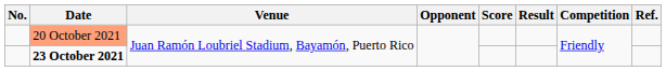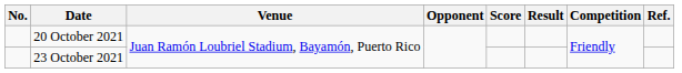 <table class="wikitable sortable">
 <tr>
 <th>No.</th>
 <th>Date</th>
 <th>Venue</th>
 <th>Opponent</th>
 <th>Score</th>
 <th>Result</th>
 <th>Competition</th>
 <th>Ref.</th>
 </tr>
 <tr>
 <td></td>
-<td style="background: lightsalmon;">20 October 2021</td>
+<td>20 October 2021</td>
 <td rowspan=2><a href='#'>Juan Ramón Loubriel Stadium</a>, <a href='#'>Bayamón</a>, Puerto Rico</td>
 <td rowspan=2></td>
 <td></td>
 <td></td>
 <td rowspan=2><a href='#'>Friendly</a></td>
 <td></td>
 </tr>
 <tr>
 <td></td>
-<td><strong>23 October 2021</strong></td>
+<td>23 October 2021</td>
 <td></td>
 <td></td>
 <td></td>
 </tr>
 </table>
